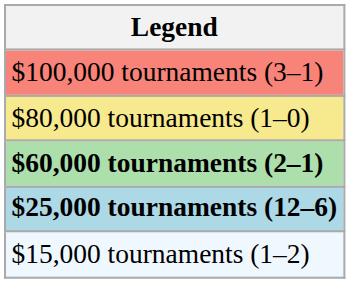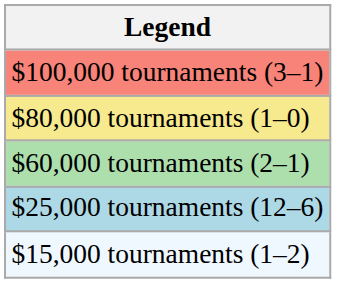 <table class="wikitable" style="font-size:85%">
 <tr>
 <th>Legend</th>
 </tr>
 <tr style="background:#f88379;">
 <td>$100,000 tournaments (3–1)</td>
 </tr>
 <tr style="background:#f7e98e;">
 <td>$80,000 tournaments (1–0)</td>
 </tr>
 <tr style="background:#addfad;">
-<td><strong>$60,000 tournaments (2–1)</strong></td>
+<td>$60,000 tournaments (2–1)</td>
 </tr>
 <tr style="background:lightblue;">
-<td><strong>$25,000 tournaments (12–6)</strong></td>
+<td>$25,000 tournaments (12–6)</td>
 </tr>
 <tr style="background:#f0f8ff;">
 <td>$15,000 tournaments (1–2)</td>
 </tr>
 </table>
